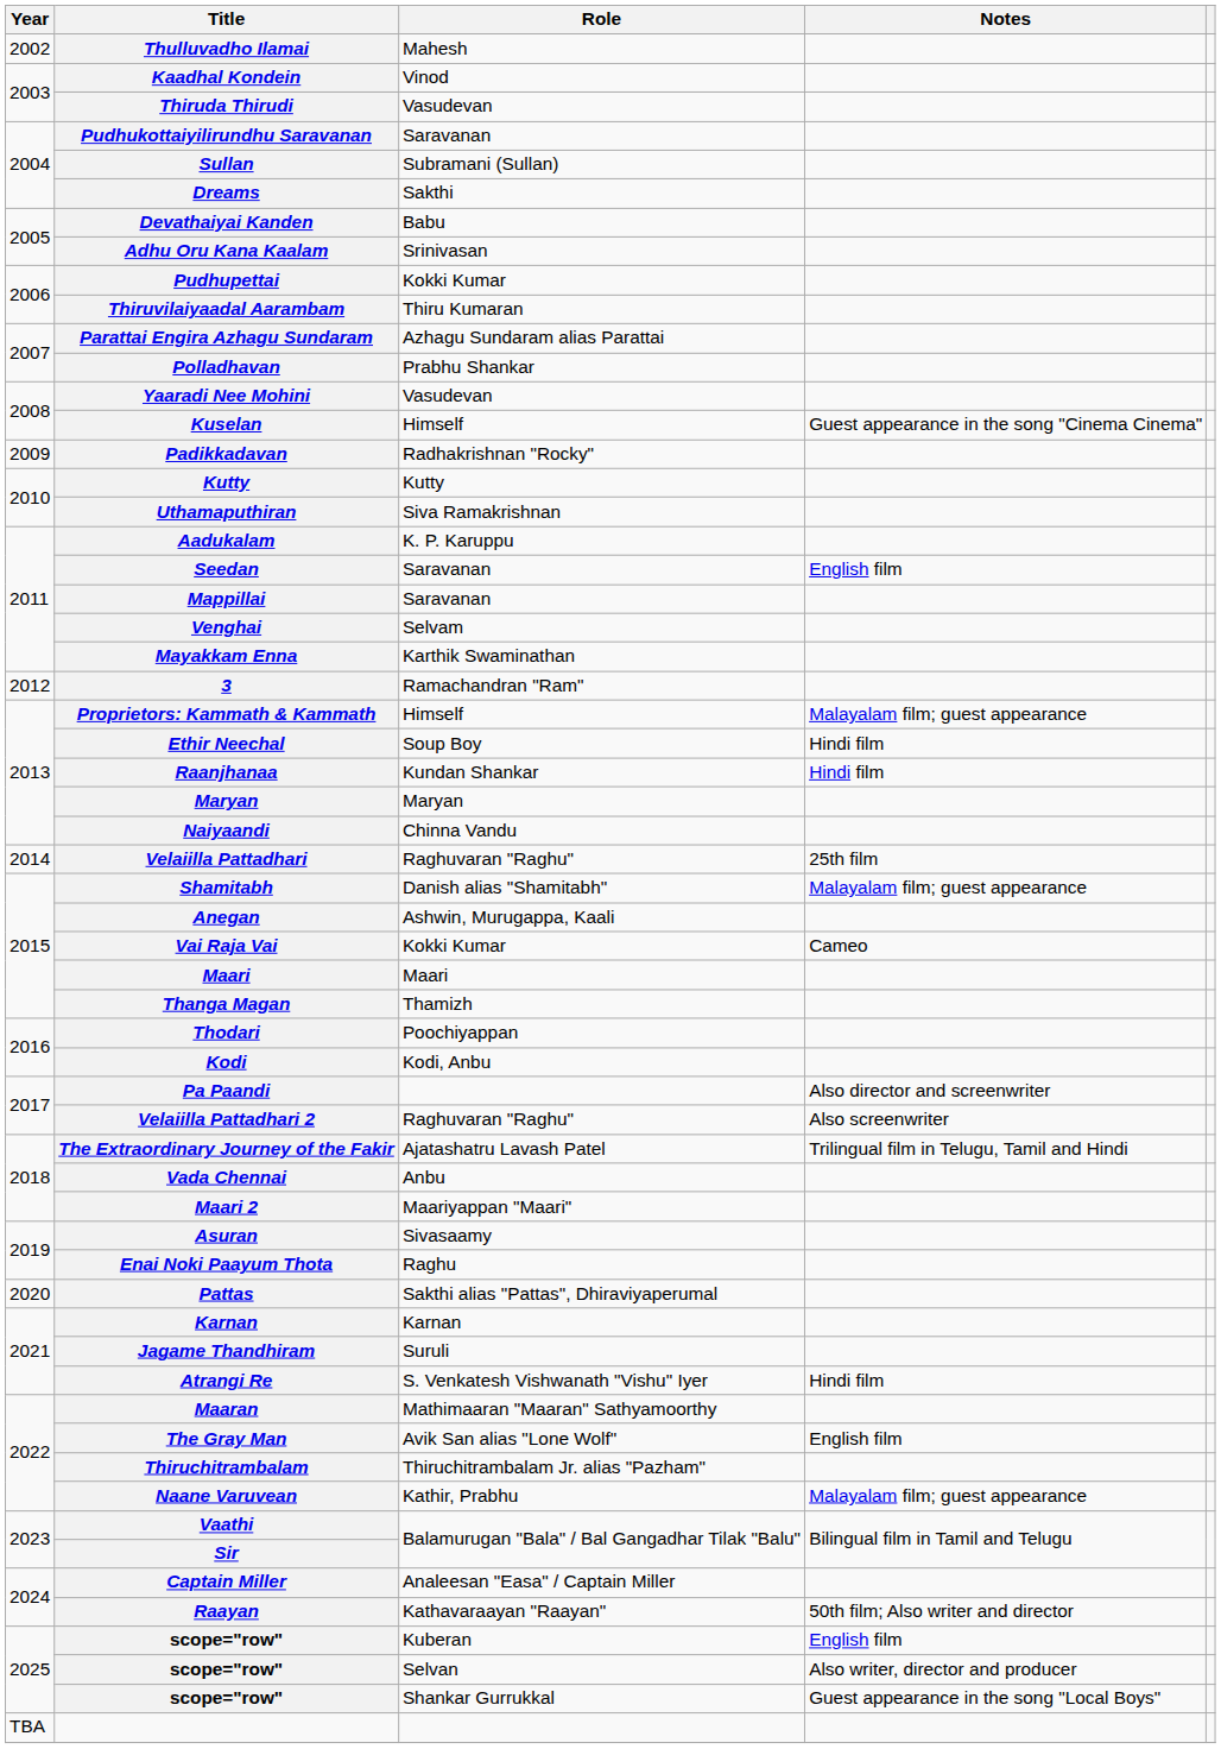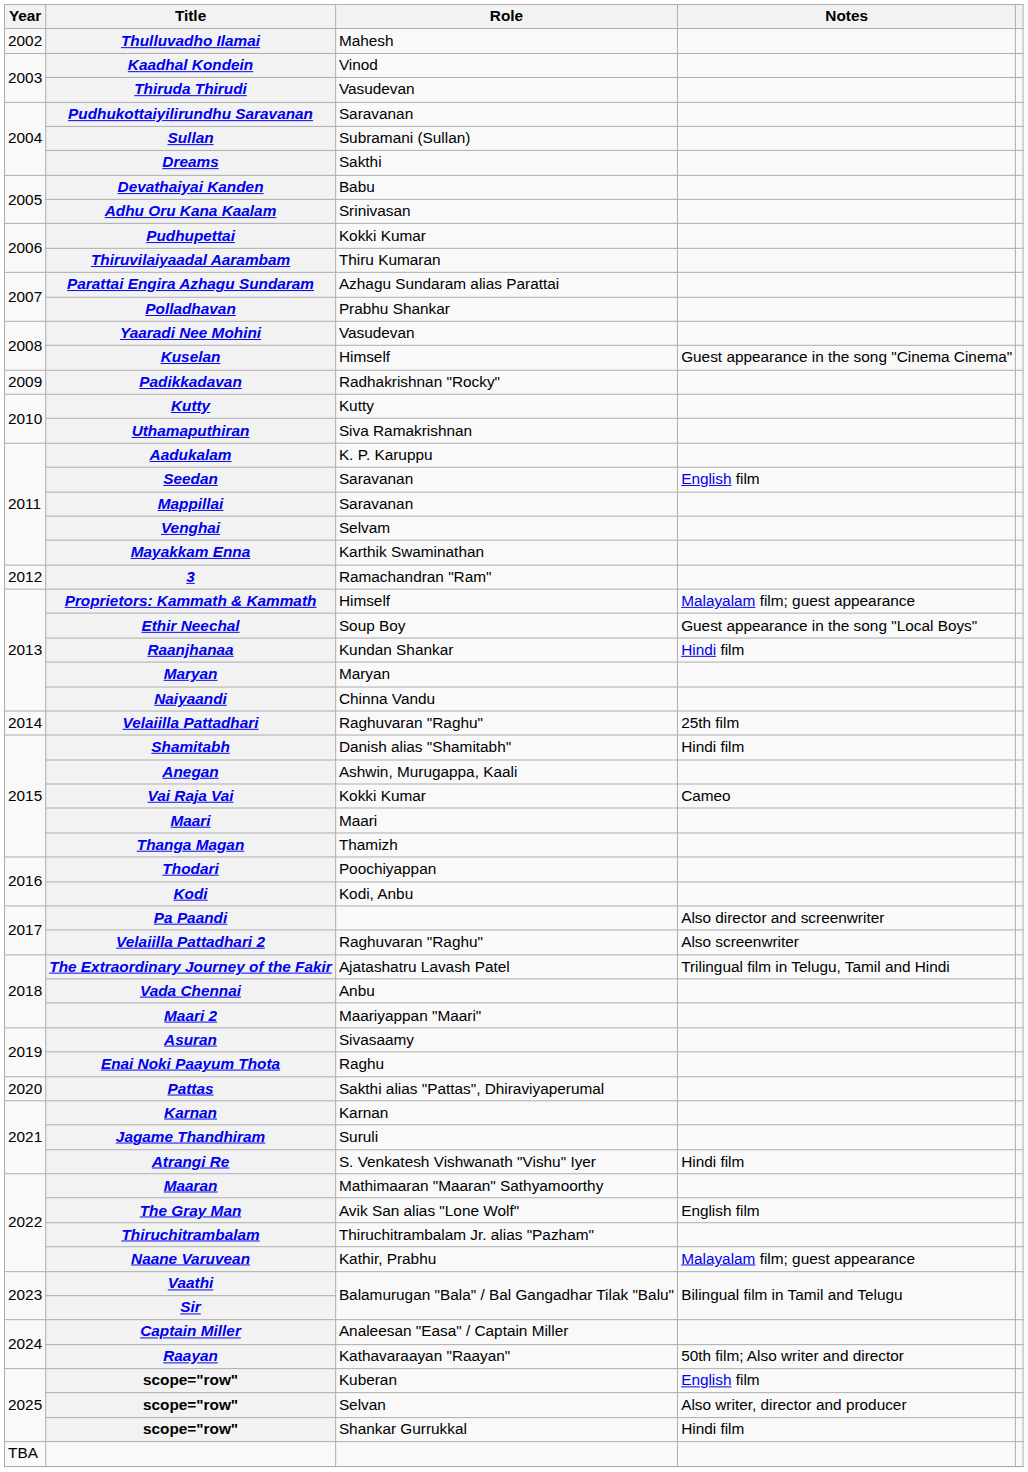 <table class="wikitable sortable plainrowheaders" id="filmography">
 <tr>
 <th scope="col">Year</th>
 <th scope="col">Title</th>
 <th scope="col">Role</th>
 <th scope="col" class="unsortable">Notes</th>
 <th scope="col" class="unsortable"></th>
 </tr>
 <tr>
 <td>2002</td>
 <th scope="row"><em><a href='#'>Thulluvadho Ilamai</a></em></th>
 <td>Mahesh</td>
 <td></td>
 <td style="text-align: center;"></td>
 </tr>
 <tr>
 <td rowspan="2">2003</td>
 <th scope="row"><em><a href='#'>Kaadhal Kondein</a></em></th>
 <td>Vinod</td>
 <td></td>
 <td style="text-align: center;"></td>
 </tr>
 <tr>
 <th scope="row"><em><a href='#'>Thiruda Thirudi</a></em></th>
 <td>Vasudevan</td>
 <td></td>
 <td style="text-align: center;"></td>
 </tr>
 <tr>
 <td rowspan="3">2004</td>
 <th scope="row"><em><a href='#'>Pudhukottaiyilirundhu Saravanan</a></em></th>
 <td>Saravanan</td>
 <td></td>
 <td style="text-align: center;"></td>
 </tr>
 <tr>
 <th scope="row"><em><a href='#'>Sullan</a></em></th>
 <td>Subramani (Sullan)</td>
 <td></td>
 <td style="text-align: center;"></td>
 </tr>
 <tr>
 <th scope="row"><em><a href='#'>Dreams</a></em></th>
 <td>Sakthi</td>
 <td></td>
 <td style="text-align: center;"></td>
 </tr>
 <tr>
 <td rowspan="2">2005</td>
 <th scope="row"><em><a href='#'>Devathaiyai Kanden</a></em></th>
 <td>Babu</td>
 <td></td>
 <td style="text-align: center;"></td>
 </tr>
 <tr>
 <th scope="row"><em><a href='#'>Adhu Oru Kana Kaalam</a></em></th>
 <td>Srinivasan</td>
 <td></td>
 <td style="text-align: center;"></td>
 </tr>
 <tr>
 <td rowspan="2">2006</td>
 <th scope="row"><em><a href='#'>Pudhupettai</a></em></th>
 <td>Kokki Kumar</td>
 <td></td>
 <td style="text-align: center;"></td>
 </tr>
 <tr>
 <th scope="row"><em><a href='#'>Thiruvilaiyaadal Aarambam</a></em></th>
 <td>Thiru Kumaran</td>
 <td></td>
 <td style="text-align: center;"></td>
 </tr>
 <tr>
 <td rowspan="2">2007</td>
 <th scope="row"><em><a href='#'>Parattai Engira Azhagu Sundaram</a></em></th>
 <td>Azhagu Sundaram alias Parattai</td>
 <td></td>
 <td style="text-align: center;"></td>
 </tr>
 <tr>
 <th scope="row"><em><a href='#'>Polladhavan</a></em></th>
 <td>Prabhu Shankar</td>
 <td></td>
 <td style="text-align: center;"></td>
 </tr>
 <tr>
 <td rowspan="2">2008</td>
 <th scope="row"><em><a href='#'>Yaaradi Nee Mohini</a></em></th>
 <td>Vasudevan</td>
 <td></td>
 <td style="text-align: center;"></td>
 </tr>
 <tr>
 <th scope="row"><em><a href='#'>Kuselan</a></em></th>
 <td>Himself</td>
 <td>Guest appearance in the song "Cinema Cinema"</td>
 <td style="text-align: center;"></td>
 </tr>
 <tr>
 <td>2009</td>
 <th scope="row"><em><a href='#'>Padikkadavan</a></em></th>
 <td>Radhakrishnan "Rocky"</td>
 <td></td>
 <td style="text-align: center;"></td>
 </tr>
 <tr>
 <td rowspan="2">2010</td>
 <th scope="row"><em><a href='#'>Kutty</a></em></th>
 <td>Kutty</td>
 <td></td>
 <td style="text-align: center;"></td>
 </tr>
 <tr>
 <th scope="row"><em><a href='#'>Uthamaputhiran</a></em></th>
 <td>Siva Ramakrishnan</td>
 <td></td>
 <td style="text-align: center;"></td>
 </tr>
 <tr>
 <td rowspan="5">2011</td>
 <th scope="row"><em><a href='#'>Aadukalam</a></em></th>
 <td>K. P. Karuppu</td>
 <td></td>
 <td style="text-align: center;"></td>
 </tr>
 <tr>
 <th scope="row"><em><a href='#'>Seedan</a></em></th>
 <td>Saravanan</td>
 <td><a href='#'>English</a> film</td>
 <td style="text-align: center;"></td>
 </tr>
 <tr>
 <th scope="row"><em><a href='#'>Mappillai</a></em></th>
 <td>Saravanan</td>
 <td></td>
 <td style="text-align: center;"></td>
 </tr>
 <tr>
 <th scope="row"><em><a href='#'>Venghai</a></em></th>
 <td>Selvam</td>
 <td></td>
 <td style="text-align: center;"></td>
 </tr>
 <tr>
 <th scope="row"><em><a href='#'>Mayakkam Enna</a></em></th>
 <td>Karthik Swaminathan</td>
 <td></td>
 <td style="text-align: center;"></td>
 </tr>
 <tr>
 <td>2012</td>
 <th scope="row"><em><a href='#'>3</a></em></th>
 <td>Ramachandran "Ram"</td>
 <td></td>
 <td style="text-align: center;"></td>
 </tr>
 <tr>
 <td rowspan="5">2013</td>
 <th scope="row"><em><a href='#'>Proprietors: Kammath & Kammath</a></em></th>
 <td>Himself</td>
 <td><a href='#'>Malayalam</a> film; guest appearance</td>
 <td style="text-align: center;"></td>
 </tr>
 <tr>
 <th scope="row"><em><a href='#'>Ethir Neechal</a></em></th>
 <td>Soup Boy</td>
-<td>Hindi film</td>
+<td>Guest appearance in the song "Local Boys"</td>
 <td style="text-align: center;"></td>
 </tr>
 <tr>
 <th scope="row"><em><a href='#'>Raanjhanaa</a></em></th>
 <td>Kundan Shankar</td>
 <td><a href='#'>Hindi</a> film</td>
 <td style="text-align: center;"></td>
 </tr>
 <tr>
 <th scope="row"><em><a href='#'>Maryan</a></em></th>
 <td>Maryan</td>
 <td></td>
 <td style="text-align: center;"></td>
 </tr>
 <tr>
 <th scope="row"><em><a href='#'>Naiyaandi</a></em></th>
 <td>Chinna Vandu</td>
 <td></td>
 <td style="text-align: center;"></td>
 </tr>
 <tr>
 <td>2014</td>
 <th scope="row"><em><a href='#'>Velaiilla Pattadhari</a></em></th>
 <td>Raghuvaran "Raghu"</td>
 <td>25th film</td>
 <td style="text-align: center;"></td>
 </tr>
 <tr>
 <td rowspan="5">2015</td>
 <th scope="row"><em><a href='#'>Shamitabh</a></em></th>
 <td>Danish alias "Shamitabh"</td>
-<td><a href='#'>Malayalam</a> film; guest appearance</td>
+<td>Hindi film</td>
 <td style="text-align: center;"></td>
 </tr>
 <tr>
 <th scope="row"><em><a href='#'>Anegan</a></em></th>
 <td>Ashwin, Murugappa, Kaali</td>
 <td></td>
 <td style="text-align: center;"></td>
 </tr>
 <tr>
 <th scope="row"><em><a href='#'>Vai Raja Vai</a></em></th>
 <td>Kokki Kumar</td>
 <td>Cameo</td>
 <td style="text-align: center;"></td>
 </tr>
 <tr>
 <th scope="row"><em><a href='#'>Maari</a></em></th>
 <td>Maari</td>
 <td></td>
 <td style="text-align: center;"></td>
 </tr>
 <tr>
 <th scope="row"><em><a href='#'>Thanga Magan</a></em></th>
 <td>Thamizh</td>
 <td></td>
 <td style="text-align: center;"></td>
 </tr>
 <tr>
 <td rowspan="2">2016</td>
 <th scope="row"><em><a href='#'>Thodari</a></em></th>
 <td>Poochiyappan</td>
 <td></td>
 <td style="text-align: center;"></td>
 </tr>
 <tr>
 <th scope="row"><em><a href='#'>Kodi</a></em></th>
 <td>Kodi, Anbu</td>
 <td></td>
 <td style="text-align: center;"></td>
 </tr>
 <tr>
 <td rowspan="2">2017</td>
 <th scope="row"><em><a href='#'>Pa Paandi</a></em></th>
 <td></td>
 <td>Also director and screenwriter</td>
 <td style="text-align: center;"></td>
 </tr>
 <tr>
 <th scope="row"><em><a href='#'>Velaiilla Pattadhari 2</a></em></th>
 <td>Raghuvaran "Raghu"</td>
 <td>Also screenwriter</td>
 <td style="text-align: center;"></td>
 </tr>
 <tr>
 <td rowspan="3">2018</td>
 <th scope="row"><em><a href='#'>The Extraordinary Journey of the Fakir</a></em></th>
 <td>Ajatashatru Lavash Patel</td>
 <td>Trilingual film in Telugu, Tamil and Hindi</td>
 <td style="text-align: center;"></td>
 </tr>
 <tr>
 <th scope="row"><em><a href='#'>Vada Chennai</a></em></th>
 <td>Anbu</td>
 <td></td>
 <td style="text-align: center;"></td>
 </tr>
 <tr>
 <th scope="row"><em><a href='#'>Maari 2</a></em></th>
 <td>Maariyappan "Maari"</td>
 <td></td>
 <td style="text-align: center;"></td>
 </tr>
 <tr>
 <td rowspan="2">2019</td>
 <th scope="row"><em><a href='#'>Asuran</a></em></th>
 <td>Sivasaamy</td>
 <td></td>
 <td style="text-align: center;"></td>
 </tr>
 <tr>
 <th scope="row"><em><a href='#'>Enai Noki Paayum Thota</a></em></th>
 <td>Raghu</td>
 <td></td>
 <td style="text-align: center;"></td>
 </tr>
 <tr>
 <td>2020</td>
 <th scope="row"><em><a href='#'>Pattas</a></em></th>
 <td>Sakthi alias "Pattas", Dhiraviyaperumal</td>
 <td></td>
 <td style="text-align: center;"></td>
 </tr>
 <tr>
 <td rowspan="3">2021</td>
 <th scope="row"><em><a href='#'>Karnan</a></em></th>
 <td>Karnan</td>
 <td></td>
 <td style="text-align: center;"></td>
 </tr>
 <tr>
 <th scope="row"><em><a href='#'>Jagame Thandhiram</a></em></th>
 <td>Suruli</td>
 <td></td>
 <td style="text-align: center;"></td>
 </tr>
 <tr>
 <th scope="row"><em><a href='#'>Atrangi Re</a></em></th>
 <td>S. Venkatesh Vishwanath "Vishu" Iyer</td>
 <td>Hindi film</td>
 <td style="text-align: center;"></td>
 </tr>
 <tr>
 <td rowspan="4">2022</td>
 <th scope="row"><em><a href='#'>Maaran</a></em></th>
 <td>Mathimaaran "Maaran" Sathyamoorthy</td>
 <td></td>
 <td style="text-align: center;"></td>
 </tr>
 <tr>
 <th scope="row"><em><a href='#'>The Gray Man</a></em></th>
 <td>Avik San alias "Lone Wolf"</td>
 <td>English film</td>
 <td style="text-align: center;"></td>
 </tr>
 <tr>
 <th scope="row"><em><a href='#'>Thiruchitrambalam</a></em></th>
 <td>Thiruchitrambalam Jr. alias "Pazham"</td>
 <td></td>
 <td style="text-align: center;"></td>
 </tr>
 <tr>
 <th scope="row"><em><a href='#'>Naane Varuvean</a></em></th>
 <td>Kathir, Prabhu</td>
 <td><a href='#'>Malayalam</a> film; guest appearance</td>
 <td style="text-align: center;"></td>
 </tr>
 <tr>
 <td rowspan="2">2023</td>
 <th scope="row"><em><a href='#'>Vaathi</a></em></th>
 <td rowspan="2">Balamurugan "Bala" / Bal Gangadhar Tilak "Balu"</td>
 <td rowspan="2">Bilingual film in Tamil and Telugu</td>
 <td rowspan="2" style="text-align: center;"></td>
 </tr>
 <tr>
 <th scope="row"><em><a href='#'>Sir</a></em></th>
 </tr>
 <tr>
 <td rowspan="2">2024</td>
 <th scope="row"><em><a href='#'>Captain Miller</a></em></th>
 <td>Analeesan "Easa" / Captain Miller</td>
 <td></td>
 <td style="text-align: center;"></td>
 </tr>
 <tr>
 <th scope="row"><em><a href='#'>Raayan</a></em></th>
 <td>Kathavaraayan "Raayan"</td>
 <td>50th film; Also writer and director</td>
 <td style="text-align: center;"></td>
 </tr>
 <tr>
 <td rowspan="3">2025</td>
 <th>scope="row" </th>
 <td>Kuberan</td>
 <td><a href='#'>English</a> film</td>
 <td style="text-align: center;"></td>
 </tr>
 <tr>
 <th>scope="row" </th>
 <td>Selvan</td>
 <td>Also writer, director and producer</td>
 <td style="text-align: center;"></td>
 </tr>
 <tr>
 <th>scope="row" </th>
 <td>Shankar Gurrukkal</td>
-<td>Guest appearance in the song "Local Boys"</td>
+<td>Hindi film</td>
 <td style="text-align: center;"></td>
 </tr>
 <tr>
 <td>TBA</td>
 <td></td>
 <td></td>
 <td></td>
 <td style="text-align: center;"></td>
 </tr>
 <tr>
 </tr>
 </table>
